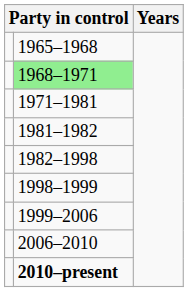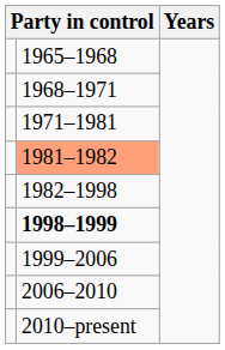 <table class="wikitable">
 <tr>
 <th colspan=2>Party in control</th>
 <th>Years</th>
 </tr>
 <tr>
 <td></td>
 <td>1965–1968</td>
 </tr>
 <tr>
 <td></td>
-<td style="background: lightgreen;">1968–1971</td>
+<td>1968–1971</td>
 </tr>
 <tr>
 <td></td>
 <td>1971–1981</td>
 </tr>
 <tr>
 <td></td>
-<td>1981–1982</td>
+<td style="background: lightsalmon;">1981–1982</td>
 </tr>
 <tr>
 <td></td>
 <td>1982–1998</td>
 </tr>
 <tr>
 <td></td>
-<td>1998–1999</td>
+<td><strong>1998–1999</strong></td>
 </tr>
 <tr>
 <td></td>
 <td>1999–2006</td>
 </tr>
 <tr>
 <td></td>
 <td>2006–2010</td>
 </tr>
 <tr>
 <td></td>
-<td><strong>2010–present</strong></td>
+<td>2010–present</td>
 </tr>
 </table>
